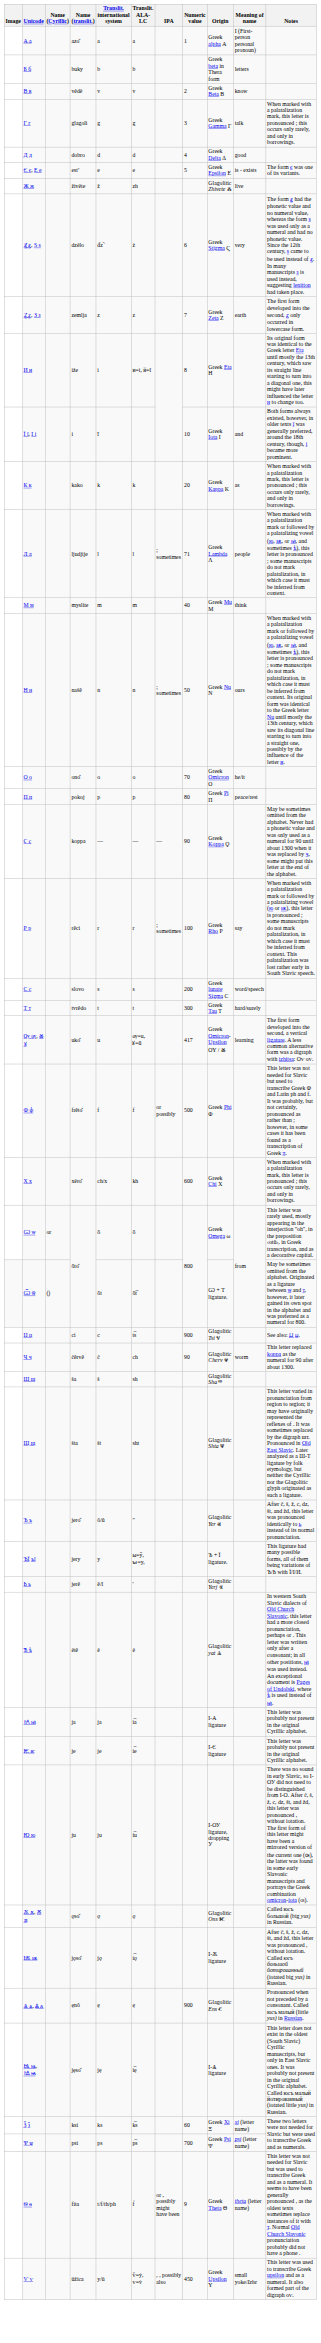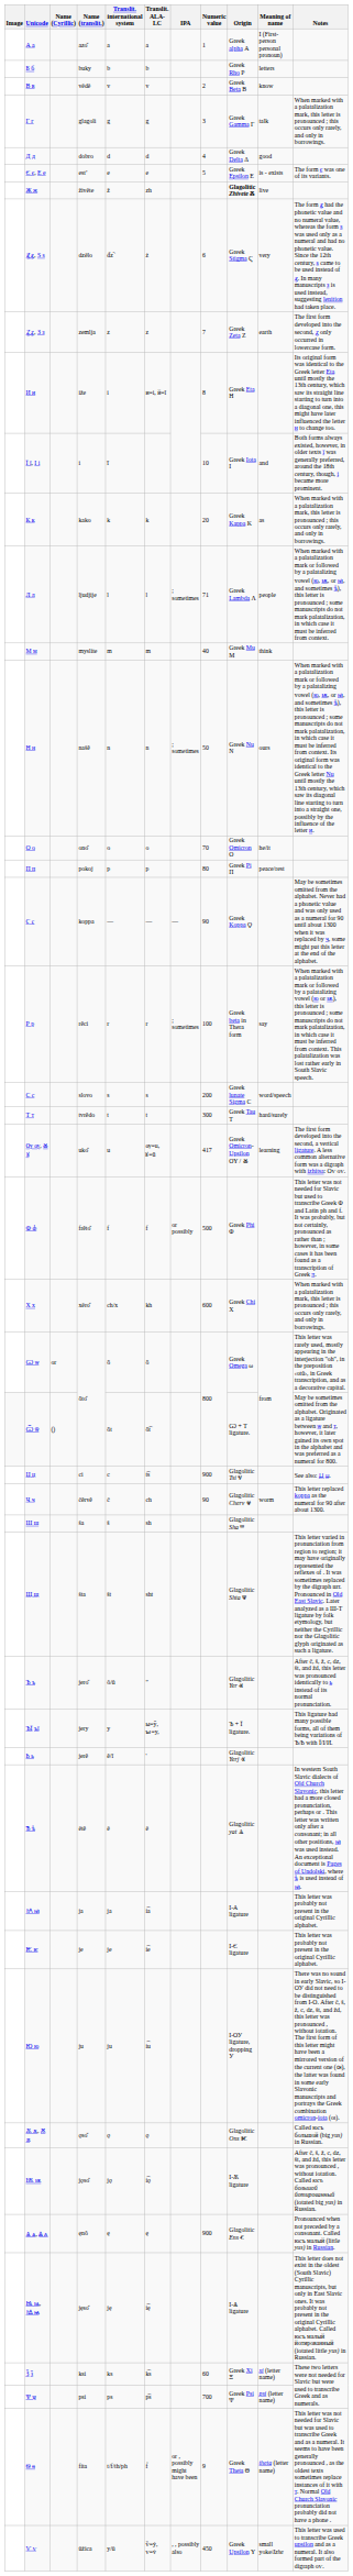 <table class="wikitable Unicode sortable">
 <tr valign=bottom>
 <th>Image</th>
 <th><a href='#'>Unicode</a></th>
 <th>Name<br>(<a href='#'>Cyrillic</a>)</th>
 <th>Name<br>(<a href='#'>translit.</a>)</th>
 <th><a href='#'>Translit.</a> international system</th>
 <th>Translit. ALA-LC</th>
 <th>IPA</th>
 <th>Numeric value</th>
 <th>Origin</th>
 <th>Meaning of name</th>
 <th>Notes</th>
 </tr>
 <tr>
 <td style="background: white;"></td>
 <td><a href='#'>А а</a></td>
 <td></td>
 <td>azо̆</td>
 <td>a</td>
 <td>a</td>
 <td></td>
 <td>1</td>
 <td>Greek <a href='#'>alpha</a> Α</td>
 <td>I (First-person personal pronoun)</td>
 <td></td>
 </tr>
 <tr>
 <td style="background: white;"></td>
 <td><a href='#'>Б б</a></td>
 <td></td>
 <td>buky</td>
 <td>b</td>
 <td>b</td>
 <td></td>
 <td></td>
-<td>Greek <a href='#'>beta</a> in Thera form </td>
+<td>Greek <a href='#'>Rho</a> Ρ</td>
 <td>letters</td>
 <td></td>
 </tr>
 <tr>
 <td style="background: white;"></td>
 <td><a href='#'>В в</a></td>
 <td></td>
 <td>vědě</td>
 <td>v</td>
 <td>v</td>
 <td></td>
 <td>2</td>
 <td>Greek <a href='#'>Beta</a> Β</td>
 <td>know</td>
 <td></td>
 </tr>
 <tr>
 <td style="background: white;"></td>
 <td><a href='#'>Г г</a></td>
 <td></td>
 <td>glagoli</td>
 <td>g</td>
 <td>g</td>
 <td></td>
 <td>3</td>
 <td>Greek <a href='#'>Gamma</a> Γ</td>
 <td>talk</td>
 <td>When marked with a palatalization mark, this letter is pronounced ; this occurs only rarely, and only in borrowings.</td>
 </tr>
 <tr>
 <td style="background: white;"></td>
 <td><a href='#'>Д д</a></td>
 <td></td>
 <td>dobro</td>
 <td>d</td>
 <td>d</td>
 <td></td>
 <td>4</td>
 <td>Greek <a href='#'>Delta</a> Δ</td>
 <td>good</td>
 <td></td>
 </tr>
 <tr>
 <td style="background: white;"></td>
 <td><a href='#'>Є є</a>, <a href='#'>Е е</a></td>
 <td></td>
 <td>est’</td>
 <td>e</td>
 <td>e</td>
 <td></td>
 <td>5</td>
 <td>Greek <a href='#'>Epsilon</a> Ε</td>
 <td>is - exists</td>
 <td>The form <a href='#'>є</a> was one of its variants.</td>
 </tr>
 <tr>
 <td style="background: white;"></td>
 <td><a href='#'>Ж ж</a></td>
 <td></td>
 <td>živěte</td>
 <td>ž</td>
 <td>zh</td>
 <td></td>
 <td></td>
-<td>Glagolitic <em>Zhivete</em> Ⰶ</td>
+<td><strong>Glagolitic <em>Zhivete</em> Ⰶ</strong></td>
 <td>live</td>
 <td></td>
 </tr>
 <tr>
 <td style="background: white;"></td>
 <td><a href='#'>Ꙃ ꙃ</a>, <a href='#'>Ѕ ѕ</a></td>
 <td></td>
 <td>dzělo</td>
 <td>d︠z︡</td>
 <td>ż</td>
 <td></td>
 <td>6</td>
 <td>Greek <a href='#'>Stigma</a> Ϛ</td>
 <td>very</td>
 <td>The form <a href='#'>ꙃ</a> had the phonetic value  and no numeral value, whereas the form <a href='#'>ѕ</a> was used only as a numeral and had no phonetic value. Since the 12th century, <a href='#'>ѕ</a> came to be used instead of <a href='#'>ꙃ</a>. In many manuscripts <a href='#'>з</a> is used instead, suggesting <a href='#'>lenition</a> had taken place.</td>
 </tr>
 <tr>
 <td style="background: white;"></td>
 <td><a href='#'>Ꙁ ꙁ</a>, <a href='#'>З з</a></td>
 <td></td>
 <td>zemlja</td>
 <td>z</td>
 <td>z</td>
 <td></td>
 <td>7</td>
 <td>Greek <a href='#'>Zeta</a> Ζ</td>
 <td>earth</td>
 <td>The first form developed into the second, <a href='#'>ꙁ</a> only occurred in lowercase form.</td>
 </tr>
 <tr>
 <td style="background: white;"></td>
 <td><a href='#'>И и</a></td>
 <td></td>
 <td>iže</td>
 <td>i</td>
 <td>и=i, й=ĭ</td>
 <td rowspan="2"></td>
 <td>8</td>
 <td>Greek <a href='#'>Eta</a> Η</td>
 <td></td>
 <td>Its original form was identical to the Greek letter <a href='#'>Eta</a> until mostly the 13th century, which saw its straight line starting to turn into a diagonal one, this might have later influenced the letter <a href='#'>н</a> to change too.</td>
 </tr>
 <tr>
 <td style="background: white;"></td>
 <td><a href='#'>Ї ї</a>, <a href='#'>І і</a></td>
 <td></td>
 <td>i</td>
 <td>ī</td>
 <td></td>
 <td>10</td>
 <td>Greek <a href='#'>Iota</a> Ι</td>
 <td>and</td>
 <td>Both forms always existed, however, in older texts <a href='#'>ї</a> was generally preferred, around the 18th century, though, <a href='#'>і</a> became more prominent.</td>
 </tr>
 <tr>
 <td style="background: white;"></td>
 <td><a href='#'>К к</a></td>
 <td></td>
 <td>kako</td>
 <td>k</td>
 <td>k</td>
 <td></td>
 <td>20</td>
 <td>Greek <a href='#'>Kappa</a> Κ</td>
 <td>as</td>
 <td>When marked with a palatalization mark, this letter is pronounced ; this occurs only rarely, and only in borrowings.</td>
 </tr>
 <tr>
 <td style="background: white;"></td>
 <td><a href='#'>Л л</a></td>
 <td></td>
 <td>ljudjije</td>
 <td>l</td>
 <td>l</td>
 <td>; sometimes </td>
 <td>71</td>
 <td>Greek <a href='#'>Lambda</a> Λ</td>
 <td>people</td>
 <td>When marked with a palatalization mark or followed by a palatalizing vowel (<a href='#'>ю</a>, <a href='#'>ѭ</a>, or <a href='#'>ꙗ</a>, and sometimes <a href='#'>ѣ</a>), this letter is pronounced ; some manuscripts do not mark palatalization, in which case it must be inferred from context.</td>
 </tr>
 <tr>
 <td style="background: white;"></td>
 <td><a href='#'>М м</a></td>
 <td></td>
 <td>myslite</td>
 <td>m</td>
 <td>m</td>
 <td></td>
 <td>40</td>
 <td>Greek <a href='#'>Mu</a> Μ</td>
 <td>think</td>
 <td></td>
 </tr>
 <tr>
 <td style="background: white;"></td>
 <td><a href='#'>Н н</a></td>
 <td></td>
 <td>našĕ</td>
 <td>n</td>
 <td>n</td>
 <td>; sometimes </td>
 <td>50</td>
 <td>Greek <a href='#'>Nu</a> Ν</td>
 <td>ours</td>
 <td>When marked with a palatalization mark or followed by a palatalizing vowel (<a href='#'>ю</a>, <a href='#'>ѭ</a>, or <a href='#'>ꙗ</a>, and sometimes <a href='#'>ѣ</a>), this letter is pronounced ; some manuscripts do not mark palatalization, in which case it must be inferred from context. Its original form was identical to the Greek letter <a href='#'>Nu</a> until mostly the 13th century, which saw its diagonal line starting to turn into a straight one, possibly by the influence of the letter <a href='#'>и</a>.</td>
 </tr>
 <tr>
 <td style="background: white;"></td>
 <td><a href='#'>О о</a></td>
 <td></td>
 <td>onо̆</td>
 <td>o</td>
 <td>o</td>
 <td></td>
 <td>70</td>
 <td>Greek <a href='#'>Omicron</a> Ο</td>
 <td>he/it</td>
 <td></td>
 </tr>
 <tr>
 <td style="background: white;"></td>
 <td><a href='#'>П п</a></td>
 <td></td>
 <td>pokoj</td>
 <td>p</td>
 <td>p</td>
 <td></td>
 <td>80</td>
 <td>Greek <a href='#'>Pi</a> Π</td>
 <td>peace/rest</td>
 <td></td>
 </tr>
 <tr>
 <td style="background: white;"></td>
 <td><a href='#'>Ҁ ҁ</a></td>
 <td></td>
 <td>koppa</td>
 <td>—</td>
 <td>—</td>
 <td>—</td>
 <td>90</td>
 <td>Greek <a href='#'>Koppa</a> Ϙ</td>
 <td></td>
 <td>May be sometimes omitted from the alphabet. Never had a phonetic value and was only used as a numeral for 90 until about 1300 when it was replaced by <a href='#'>ч</a>, some might put this letter at the end of the alphabet.</td>
 </tr>
 <tr>
 <td style="background: white;"></td>
 <td><a href='#'>Р р</a></td>
 <td></td>
 <td>rĕci</td>
 <td>r</td>
 <td>r</td>
 <td>; sometimes </td>
 <td>100</td>
-<td>Greek <a href='#'>Rho</a> Ρ</td>
+<td>Greek <a href='#'>beta</a> in Thera form </td>
 <td>say</td>
 <td>When marked with a palatalization mark or followed by a palatalizing vowel (<a href='#'>ю</a> or <a href='#'>ѭ</a>), this letter is pronounced ; some manuscripts do not mark palatalization, in which case it must be inferred from context. This palatalization was lost rather early in South Slavic speech.</td>
 </tr>
 <tr>
 <td style="background: white;"></td>
 <td><a href='#'>С с</a></td>
 <td></td>
 <td>slovo</td>
 <td>s</td>
 <td>s</td>
 <td></td>
 <td>200</td>
 <td>Greek <a href='#'>lunate Sigma</a> Ϲ</td>
 <td>word/speech</td>
 <td></td>
 </tr>
 <tr>
 <td style="background: white;"></td>
 <td><a href='#'>Т т</a></td>
 <td></td>
 <td>tvrĕdo</td>
 <td>t</td>
 <td>t</td>
 <td></td>
 <td>300</td>
 <td>Greek <a href='#'>Tau</a> Τ</td>
 <td>hard/surely</td>
 <td></td>
 </tr>
 <tr>
 <td style="background: white;"></td>
 <td><a href='#'>Ѹ ѹ</a>, <a href='#'>Ꙋ ꙋ</a></td>
 <td></td>
 <td>ukо̆</td>
 <td>u</td>
 <td>ѹ=u, ꙋ=ū</td>
 <td></td>
 <td>417</td>
 <td>Greek <a href='#'>Omicron</a>-<a href='#'>Upsilon</a> ΟΥ / Ꙋ</td>
 <td>learning</td>
 <td>The first form developed into the second, a vertical <a href='#'>ligature</a>. A less common alternative form was a digraph with <a href='#'>izhitsa</a>: Оѵ оѵ.</td>
 </tr>
 <tr>
 <td style="background: white;"></td>
 <td><a href='#'>Ф ф</a></td>
 <td></td>
 <td>frĕtо̆</td>
 <td>f</td>
 <td>f</td>
 <td> or possibly </td>
 <td>500</td>
 <td>Greek <a href='#'>Phi</a> Φ</td>
 <td></td>
 <td>This letter was not needed for Slavic but used to transcribe Greek Φ and Latin ph and f. It was probably, but not certainly, pronounced as  rather than ; however, in some cases it has been found as a transcription of Greek <a href='#'>π</a>.</td>
 </tr>
 <tr>
 <td style="background: white;"></td>
 <td><a href='#'>Х х</a></td>
 <td></td>
 <td>xěrо̆</td>
 <td>ch/x</td>
 <td>kh</td>
 <td></td>
 <td>600</td>
 <td>Greek <a href='#'>Chi</a> Χ</td>
 <td></td>
 <td>When marked with a palatalization mark, this letter is pronounced ; this occurs only rarely, and only in borrowings.</td>
 </tr>
 <tr>
 <td style="background: white;"></td>
 <td><a href='#'>Ѡ ѡ</a></td>
 <td> or </td>
 <td rowspan="2">ōtо̆</td>
 <td>ō</td>
 <td>ō</td>
 <td></td>
 <td rowspan="2">800</td>
 <td>Greek <a href='#'>Omega</a> ω</td>
 <td rowspan="2">from</td>
 <td>This letter was rarely used, mostly appearing in the interjection "oh", in the preposition ‹otŭ›, in Greek transcription, and as a decorative capital.</td>
 </tr>
 <tr>
 <td></td>
 <td><a href='#'>Ѿ ѿ</a></td>
 <td> ()</td>
 <td>ōt</td>
 <td>ō͡t</td>
 <td></td>
 <td>Ѡ + Т ligature.</td>
 <td>May be sometimes omitted from the alphabet. Originated as a ligature between <a href='#'>ѡ</a> and <a href='#'>т</a>, however, it later gained its own spot in the alphabet and was preferred as a numeral for 800.</td>
 </tr>
 <tr>
 <td style="background: white;"></td>
 <td><a href='#'>Ц ц</a></td>
 <td></td>
 <td>ci</td>
 <td>c</td>
 <td>t͡s</td>
 <td></td>
 <td>900</td>
 <td>Glagolitic <em>Tsi</em> Ⱌ</td>
 <td></td>
 <td>See also: <a href='#'>Ꙡ ꙡ</a>.</td>
 </tr>
 <tr>
 <td style="background: white;"></td>
 <td><a href='#'>Ч ч</a></td>
 <td></td>
 <td>čĕrvĕ</td>
 <td>č</td>
 <td>ch</td>
 <td></td>
 <td>90</td>
 <td>Glagolitic <em>Cherv</em> Ⱍ</td>
 <td>worm</td>
 <td>This letter replaced <a href='#'>koppa</a> as the numeral for 90 after about 1300.</td>
 </tr>
 <tr>
 <td style="background: white;"></td>
 <td><a href='#'>Ш ш</a></td>
 <td></td>
 <td>ša</td>
 <td>š</td>
 <td>sh</td>
 <td></td>
 <td></td>
 <td>Glagolitic <em>Sha</em> Ⱎ</td>
 <td></td>
 <td></td>
 </tr>
 <tr>
 <td style="background: white;"></td>
 <td><a href='#'>Щ щ</a></td>
 <td></td>
 <td>šta</td>
 <td>št</td>
 <td>sht</td>
 <td></td>
 <td></td>
 <td>Glagolitic <em>Shta</em> Ⱋ</td>
 <td></td>
 <td>This letter varied in pronunciation from region to region; it may have originally represented the reflexes of . It was sometimes replaced by the digraph шт. Pronounced  in <a href='#'>Old East Slavic</a>. Later analyzed as a Ш-Т ligature by folk etymology, but neither the Cyrillic nor the Glagolitic glyph originated as such a ligature.</td>
 </tr>
 <tr>
 <td style="background: white;"></td>
 <td><a href='#'>Ъ ъ</a></td>
 <td></td>
 <td>jerо̆</td>
 <td>ŏ/ŭ</td>
 <td>″</td>
 <td></td>
 <td></td>
 <td>Glagolitic <em>Yer</em> Ⱏ</td>
 <td></td>
 <td>After č, š, ž, c, dz, št, and žd, this letter was pronounced identically to <a href='#'>ь</a> instead of its normal pronunciation.</td>
 </tr>
 <tr>
 <td style="background: white;"></td>
 <td><a href='#'>ЪЇ</a> <a href='#'>ъї</a></td>
 <td></td>
 <td>jery</td>
 <td>y</td>
 <td>ы=ȳ, ꙑ=y,</td>
 <td></td>
 <td></td>
 <td>Ъ + Ї ligature.</td>
 <td></td>
 <td>This ligature had many possible forms, all of them being variations of Ъ/Ь with Ї/І/И.</td>
 </tr>
 <tr>
 <td style="background: white;"></td>
 <td><a href='#'>Ь ь</a></td>
 <td></td>
 <td>jerĕ</td>
 <td>ĕ/ĭ</td>
 <td>'</td>
 <td></td>
 <td></td>
 <td>Glagolitic <em>Yerj</em> Ⱐ</td>
 <td></td>
 <td></td>
 </tr>
 <tr>
 <td style="background: white;"></td>
 <td><a href='#'>Ѣ ѣ</a></td>
 <td></td>
 <td>ětĕ</td>
 <td>ě</td>
 <td>ě</td>
 <td></td>
 <td></td>
 <td>Glagolitic <em>yat</em> Ⱑ</td>
 <td></td>
 <td>In western South Slavic dialects of <a href='#'>Old Church Slavonic</a>, this letter had a more closed pronunciation, perhaps  or . This letter was written only after a consonant; in all other positions, <a href='#'>ꙗ</a> was used instead. An exceptional document is <a href='#'>Pages of Undolski</a>, where <a href='#'>ѣ</a> is used instead of <a href='#'>ꙗ</a>.</td>
 </tr>
 <tr>
 <td style="background: white;"></td>
 <td><a href='#'>Ꙗ ꙗ</a></td>
 <td></td>
 <td>ja</td>
 <td>ja</td>
 <td>i͡a</td>
 <td></td>
 <td></td>
 <td>І-А ligature</td>
 <td></td>
 <td>This letter was probably not present in the original Cyrillic alphabet.</td>
 </tr>
 <tr>
 <td style="background: white;"></td>
 <td><a href='#'>Ѥ ѥ</a></td>
 <td></td>
 <td>je</td>
 <td>je</td>
 <td>i͡e</td>
 <td></td>
 <td></td>
 <td>І-Є ligature</td>
 <td></td>
 <td>This letter was probably not present in the original Cyrillic alphabet.</td>
 </tr>
 <tr>
 <td style="background: white;"></td>
 <td><a href='#'>Ю ю</a></td>
 <td></td>
 <td>ju</td>
 <td>ju</td>
 <td>i͡u</td>
 <td></td>
 <td></td>
 <td>І-ОУ ligature, dropping У</td>
 <td></td>
 <td>There was no  sound in early Slavic, so І-ОУ did not need to be distinguished from І-О. After č, š, ž, c, dz, št, and žd, this letter was pronounced , without iotation. The first form of this letter might have been a mirrored version of the current one (ꙕ), the latter was found in some early Slavonic manuscripts and portrays the Greek combination <a href='#'>omicron</a>-<a href='#'>iota</a> (οι).</td>
 </tr>
 <tr>
 <td style="background: white;"></td>
 <td><a href='#'>Ѫ ѫ</a>, <a href='#'>Ꙛ ꙛ</a></td>
 <td></td>
 <td>ǫsо̆</td>
 <td>ǫ</td>
 <td>ǫ</td>
 <td></td>
 <td></td>
 <td>Glagolitic <em>Ons</em> Ⱘ</td>
 <td></td>
 <td>Called юсъ большой (big <em>yus)</em> in Russian.</td>
 </tr>
 <tr>
 <td style="background: white;"></td>
 <td><a href='#'>Ѭ ѭ</a></td>
 <td></td>
 <td>jǫsо̆</td>
 <td>jǫ</td>
 <td>i͡ǫ</td>
 <td></td>
 <td></td>
 <td>І-Ѫ ligature</td>
 <td></td>
 <td>After č, š, ž, c, dz, št, and žd, this letter was pronounced , without iotation. Called <em>юсъ большой йотированный</em> (iotated big <em>yus)</em> in Russian.</td>
 </tr>
 <tr>
 <td style="background: white;"></td>
 <td><a href='#'>Ѧ ѧ</a>, <a href='#'>Ꙙ ꙙ</a></td>
 <td></td>
 <td>ęnŏ</td>
 <td>ę</td>
 <td>ę</td>
 <td></td>
 <td>900</td>
 <td>Glagolitic <em>Ens</em> Ⱔ</td>
 <td></td>
 <td>Pronounced  when not preceded by a consonant. Called юсъ малый (little <em>yus)</em> in <a href='#'>Russian</a>.</td>
 </tr>
 <tr>
 <td style="background: white;"></td>
 <td><a href='#'>Ѩ ѩ</a>, <a href='#'>Ꙝ ꙝ</a></td>
 <td></td>
 <td>jęsо̆</td>
 <td>ję</td>
 <td>i͡ę</td>
 <td></td>
 <td></td>
 <td>І-Ѧ ligature</td>
 <td></td>
 <td>This letter does not exist in the oldest (South Slavic) Cyrillic manuscripts, but only in East Slavic ones. It was probably not present in the original Cyrillic alphabet. Called юсъ малый йотированный (iotated little <em>yus)</em> in Russian.</td>
 </tr>
 <tr>
 <td style="background: white;"></td>
 <td><a href='#'>Ѯ ѯ</a></td>
 <td></td>
 <td>ksi</td>
 <td>ks</td>
 <td>k͡s</td>
 <td></td>
 <td>60</td>
 <td>Greek <a href='#'>Xi</a> Ξ</td>
 <td><a href='#'><em>xi</em></a> (letter name)</td>
 <td rowspan="2">These two letters were not needed for Slavic but were used to transcribe Greek and as numerals.</td>
 </tr>
 <tr>
 <td style="background: white;"></td>
 <td><a href='#'>Ѱ ѱ</a></td>
 <td></td>
 <td>psi</td>
 <td>ps</td>
 <td>p͡s</td>
 <td></td>
 <td>700</td>
 <td>Greek <a href='#'>Psi</a> Ψ</td>
 <td><a href='#'><em>psi</em></a> (letter name)</td>
 </tr>
 <tr>
 <td style="background: white;"></td>
 <td><a href='#'>Ѳ ѳ</a></td>
 <td></td>
 <td>fita</td>
 <td>t/f/th/ph</td>
 <td>ḟ</td>
 <td> or , possibly might have been </td>
 <td>9</td>
 <td>Greek <a href='#'>Theta</a> Θ</td>
 <td><em><a href='#'>theta</a></em> (letter name)</td>
 <td>This letter was not needed for Slavic but was used to transcribe Greek and as a numeral. It seems to have been generally pronounced , as the oldest texts sometimes replace instances of it with <a href='#'>т</a>. Normal <a href='#'>Old Church Slavonic</a> pronunciation probably did not have a phone .</td>
 </tr>
 <tr>
 <td style="background: white;"></td>
 <td><a href='#'>Ѵ ѵ</a></td>
 <td></td>
 <td>üžica</td>
 <td>y/ü</td>
 <td>ѷ=ẏ, ѵ=v̇</td>
 <td>, , possibly also </td>
 <td>450</td>
 <td>Greek <a href='#'>Upsilon</a> Υ</td>
 <td>small yoke/<em>Izhe</em></td>
 <td>This letter was used to transcribe Greek <a href='#'>upsilon</a> and as a numeral. It also formed part of the digraph оѵ.</td>
 </tr>
 </table>
